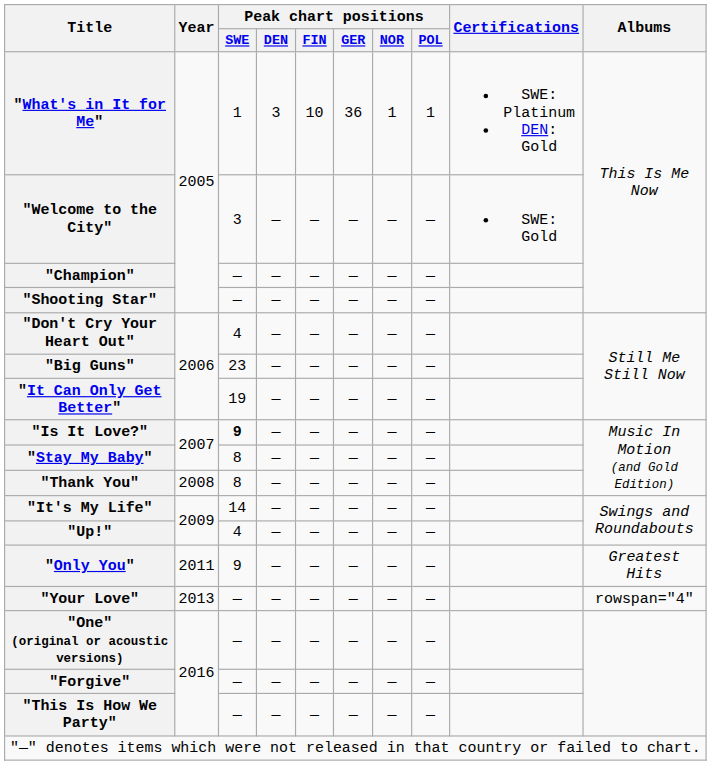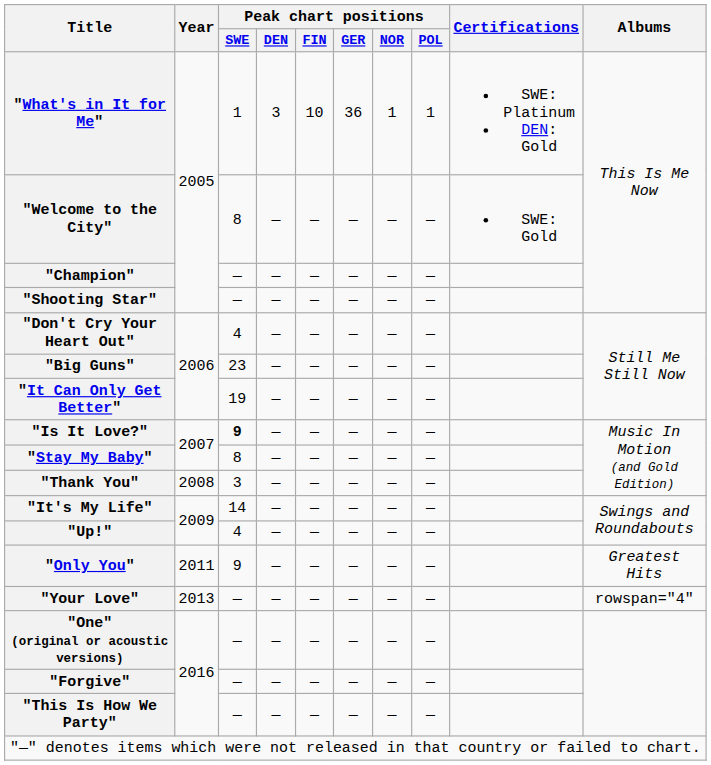 <table class="wikitable plainrowheaders" style="text-align:center;">
 <tr>
 <th scope="col" rowspan="2" style="width:16em;">Title</th>
 <th scope="col" rowspan="2">Year</th>
 <th scope="col" colspan="6">Peak chart positions</th>
 <th scope="col" rowspan="2"><a href='#'>Certifications</a></th>
 <th scope="col" rowspan="2" style="width:9em;">Albums</th>
 </tr>
 <tr>
 <th scope="col" style="width:3em;font-size:90%;"><a href='#'>SWE</a><br></th>
 <th scope="col" style="width:3em;font-size:90%;"><a href='#'>DEN</a><br></th>
 <th scope="col" style="width:3em;font-size:90%;"><a href='#'>FIN</a><br></th>
 <th scope="col" style="width:3em;font-size:90%;"><a href='#'>GER</a><br></th>
 <th scope="col" style="width:3em;font-size:90%;"><a href='#'>NOR</a><br></th>
 <th scope="col" style="width:3em;font-size:90%;"><a href='#'>POL</a><br></th>
 </tr>
 <tr>
 <th scope="row">"<a href='#'>What's in It for Me</a>"</th>
 <td rowspan="4">2005</td>
 <td>1</td>
 <td>3</td>
 <td>10</td>
 <td>36</td>
 <td>1</td>
 <td>1</td>
 <td><br><ul><li>SWE: Platinum</li><li><a href='#'>DEN</a>: Gold</li></ul></td>
 <td rowspan="4"><em>This Is Me Now</em></td>
 </tr>
 <tr>
 <th scope="row">"Welcome to the City"</th>
-<td>3</td>
+<td>8</td>
 <td>—</td>
 <td>—</td>
 <td>—</td>
 <td>—</td>
 <td>—</td>
 <td><br><ul><li>SWE: Gold</li></ul></td>
 </tr>
 <tr>
 <th scope="row">"Champion"</th>
 <td>—</td>
 <td>—</td>
 <td>—</td>
 <td>—</td>
 <td>—</td>
 <td>—</td>
 <td></td>
 </tr>
 <tr>
 <th scope="row">"Shooting Star"</th>
 <td>—</td>
 <td>—</td>
 <td>—</td>
 <td>—</td>
 <td>—</td>
 <td>—</td>
 <td></td>
 </tr>
 <tr>
 <th scope="row">"Don't Cry Your Heart Out"</th>
 <td rowspan="3">2006</td>
 <td>4</td>
 <td>—</td>
 <td>—</td>
 <td>—</td>
 <td>—</td>
 <td>—</td>
 <td></td>
 <td rowspan="3"><em>Still Me Still Now</em></td>
 </tr>
 <tr>
 <th scope="row">"Big Guns"</th>
 <td>23</td>
 <td>—</td>
 <td>—</td>
 <td>—</td>
 <td>—</td>
 <td>—</td>
 <td></td>
 </tr>
 <tr>
 <th scope="row">"<a href='#'>It Can Only Get Better</a>"</th>
 <td>19</td>
 <td>—</td>
 <td>—</td>
 <td>—</td>
 <td>—</td>
 <td>—</td>
 <td></td>
 </tr>
 <tr>
 <th scope="row">"Is It Love?"</th>
 <td rowspan="2">2007</td>
 <td><strong>9</strong></td>
 <td>—</td>
 <td>—</td>
 <td>—</td>
 <td>—</td>
 <td>—</td>
 <td></td>
 <td rowspan="3"><em>Music In Motion<br><small>(and Gold Edition)</small></em></td>
 </tr>
 <tr>
 <th scope="row">"<a href='#'>Stay My Baby</a>"</th>
 <td>8</td>
 <td>—</td>
 <td>—</td>
 <td>—</td>
 <td>—</td>
 <td>—</td>
 <td></td>
 </tr>
 <tr>
 <th scope="row">"Thank You"</th>
 <td>2008</td>
-<td>8</td>
+<td>3</td>
 <td>—</td>
 <td>—</td>
 <td>—</td>
 <td>—</td>
 <td>—</td>
 <td></td>
 </tr>
 <tr>
 <th scope="row">"It's My Life"</th>
 <td rowspan="2">2009</td>
 <td>14</td>
 <td>—</td>
 <td>—</td>
 <td>—</td>
 <td>—</td>
 <td>—</td>
 <td></td>
 <td rowspan="2"><em>Swings and Roundabouts</em></td>
 </tr>
 <tr>
 <th scope="row">"Up!"</th>
 <td>4</td>
 <td>—</td>
 <td>—</td>
 <td>—</td>
 <td>—</td>
 <td>—</td>
 <td></td>
 </tr>
 <tr>
 <th scope="row">"<a href='#'>Only You</a>"</th>
 <td rowspan="1">2011</td>
 <td>9</td>
 <td>—</td>
 <td>—</td>
 <td>—</td>
 <td>—</td>
 <td>—</td>
 <td></td>
 <td rowspan="1"><em>Greatest Hits</em></td>
 </tr>
 <tr>
 <th scope="row">"Your Love"</th>
 <td>2013</td>
 <td>—</td>
 <td>—</td>
 <td>—</td>
 <td>—</td>
 <td>—</td>
 <td>—</td>
 <td></td>
 <td>rowspan="4" </td>
 </tr>
 <tr>
 <th scope="row">"One"<br><small>(original or acoustic versions)</small></th>
 <td rowspan="3">2016</td>
 <td>—</td>
 <td>—</td>
 <td>—</td>
 <td>—</td>
 <td>—</td>
 <td>—</td>
 <td></td>
 </tr>
 <tr>
 <th scope="row">"Forgive"</th>
 <td>—</td>
 <td>—</td>
 <td>—</td>
 <td>—</td>
 <td>—</td>
 <td>—</td>
 <td></td>
 </tr>
 <tr>
 <th scope="row">"This Is How We Party"</th>
 <td>—</td>
 <td>—</td>
 <td>—</td>
 <td>—</td>
 <td>—</td>
 <td>—</td>
 <td></td>
 </tr>
 <tr>
 <td colspan="15" style="text-align:center;"><span> "—" denotes items which were not released in that country or failed to chart.</span></td>
 </tr>
 </table>
